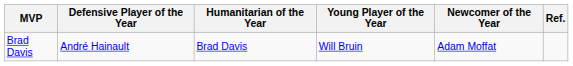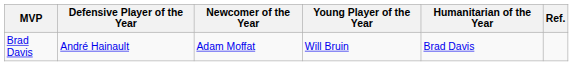 <table class="wikitable">
 <tr>
 <th>MVP</th>
 <th>Defensive Player of the Year</th>
+<th>Newcomer of the Year</th>
+<th>Young Player of the Year</th>
 <th><strong>Humanitarian of the Year</strong></th>
-<th>Young Player of the Year</th>
-<th>Newcomer of the Year</th>
 <th>Ref.</th>
 </tr>
 <tr>
 <td> <a href='#'>Brad Davis</a></td>
 <td> <a href='#'>André Hainault</a></td>
+<td> <a href='#'>Adam Moffat</a></td>
+<td> <a href='#'>Will Bruin</a></td>
 <td> <a href='#'>Brad Davis</a></td>
-<td> <a href='#'>Will Bruin</a></td>
-<td> <a href='#'>Adam Moffat</a></td>
 <td></td>
 </tr>
 </table>
